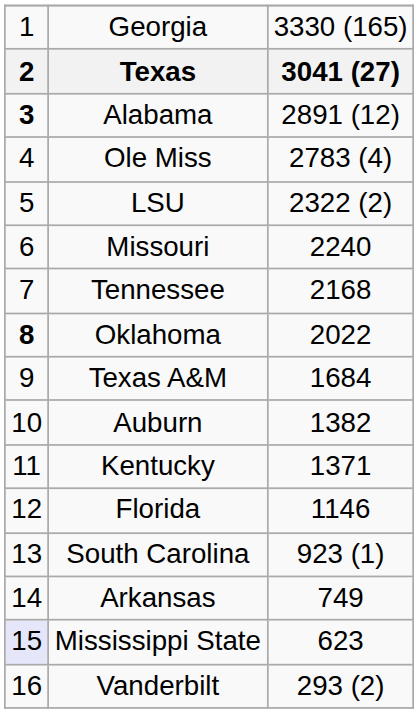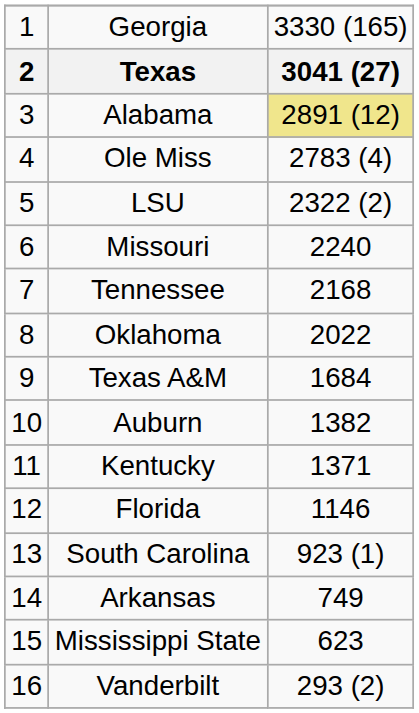 <table class="wikitable" style="display: inline-table;">
 <tr align="center">
 </tr>
 <tr align="center">
 <td>1</td>
 <td>Georgia</td>
 <td>3330 (165)</td>
 </tr>
 <tr align="center">
 <th>2</th>
 <th>Texas</th>
 <th>3041 (27)</th>
 </tr>
 <tr align="center">
-<td><strong>3</strong></td>
+<td>3</td>
 <td>Alabama</td>
-<td>2891 (12)</td>
+<td style="background: khaki;">2891 (12)</td>
 </tr>
 <tr align="center">
 <td>4</td>
 <td>Ole Miss</td>
 <td>2783 (4)</td>
 </tr>
 <tr align="center">
 <td>5</td>
 <td>LSU</td>
 <td>2322 (2)</td>
 </tr>
 <tr align="center">
 <td>6</td>
 <td>Missouri</td>
 <td>2240</td>
 </tr>
 <tr align="center">
 <td>7</td>
 <td>Tennessee</td>
 <td>2168</td>
 </tr>
 <tr align="center">
-<td><strong>8</strong></td>
+<td>8</td>
 <td>Oklahoma</td>
 <td>2022</td>
 </tr>
 <tr align="center">
 <td>9</td>
 <td>Texas A&M</td>
 <td>1684</td>
 </tr>
 <tr align="center">
 <td>10</td>
 <td>Auburn</td>
 <td>1382</td>
 </tr>
 <tr align="center">
 <td>11</td>
 <td>Kentucky</td>
 <td>1371</td>
 </tr>
 <tr align="center">
 <td>12</td>
 <td>Florida</td>
 <td>1146</td>
 </tr>
 <tr align="center">
 <td>13</td>
 <td>South Carolina</td>
 <td>923 (1)</td>
 </tr>
 <tr align="center">
 <td>14</td>
 <td>Arkansas</td>
 <td>749</td>
 </tr>
 <tr align="center">
-<td style="background: lavender;">15</td>
+<td>15</td>
 <td>Mississippi State</td>
 <td>623</td>
 </tr>
 <tr align="center">
 <td>16</td>
 <td>Vanderbilt</td>
 <td>293 (2)</td>
 </tr>
 </table>
